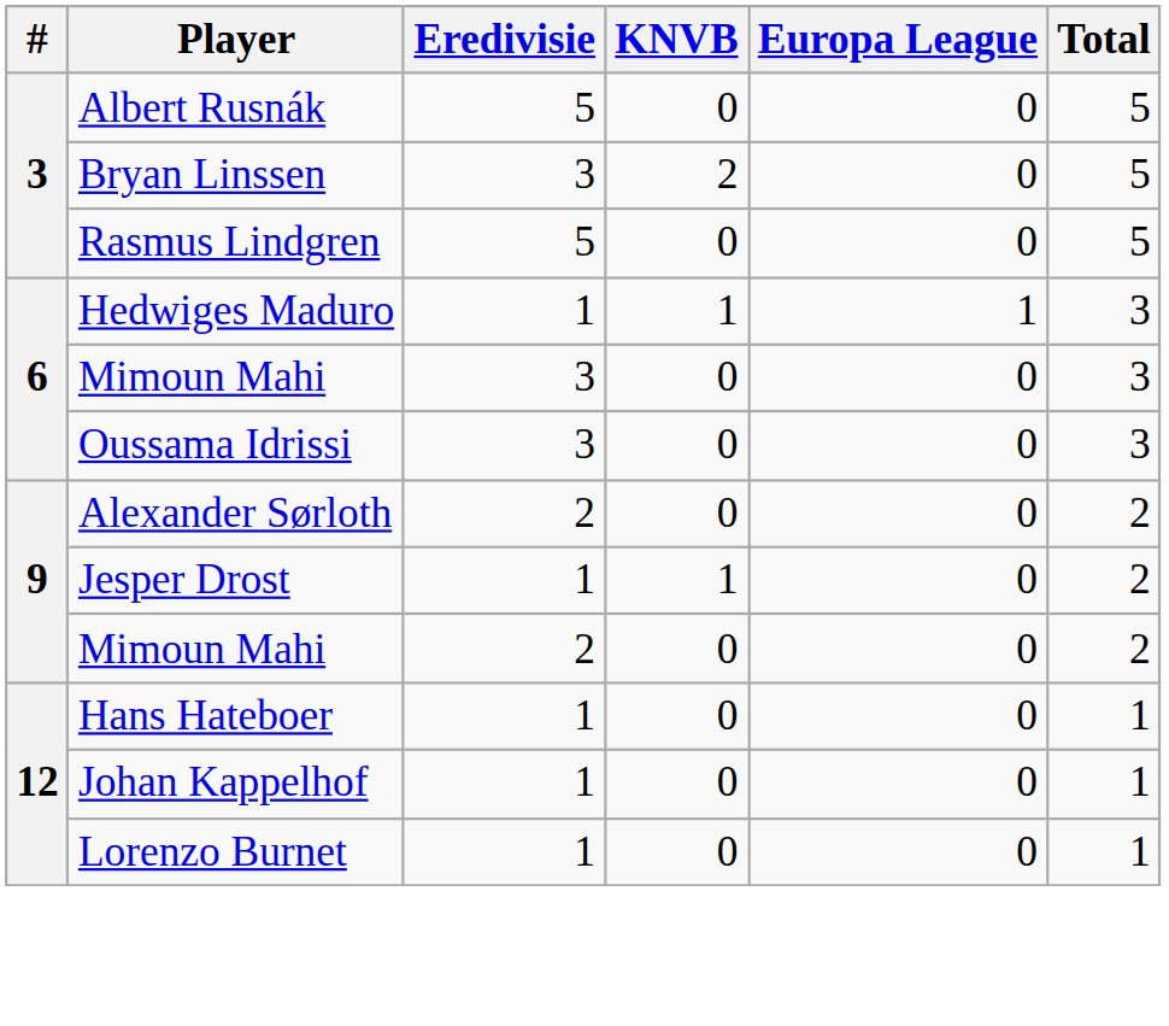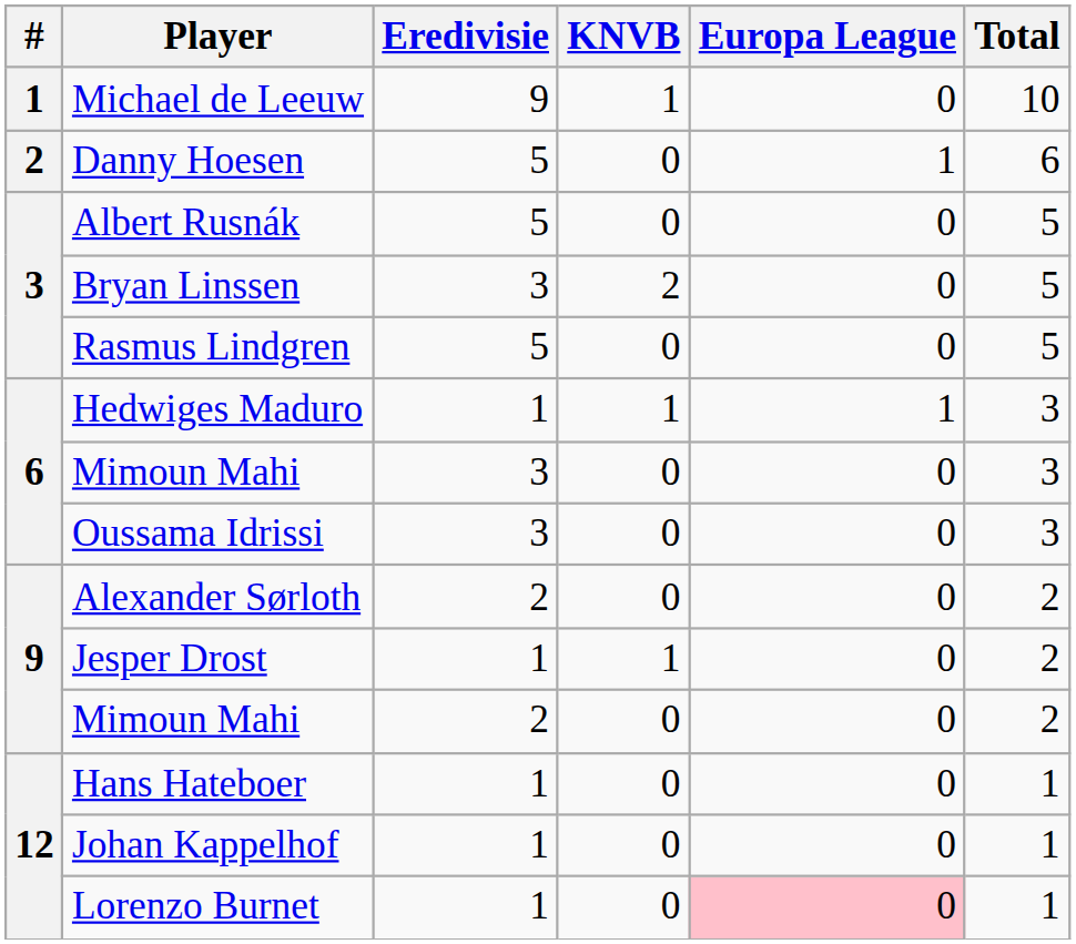 <table class="wikitable" style="text-align:right;">
 <tr>
 <th>#</th>
 <th>Player</th>
 <th><a href='#'>Eredivisie</a></th>
 <th><a href='#'>KNVB</a></th>
 <th><a href='#'>Europa League</a></th>
 <th>Total</th>
+</tr>
+<tr>
+<th align=center>1</th>
+<td align=left> <a href='#'>Michael de Leeuw</a></td>
+<td>9</td>
+<td>1</td>
+<td>0</td>
+<td>10</td>
+</tr>
+<tr>
+<th align=center>2</th>
+<td align=left> <a href='#'>Danny Hoesen</a></td>
+<td>5</td>
+<td>0</td>
+<td>1</td>
+<td>6</td>
 </tr>
 <tr>
 <th align=center rowspan=3>3</th>
 <td align=left> <a href='#'>Albert Rusnák</a></td>
 <td>5</td>
 <td>0</td>
 <td>0</td>
 <td>5</td>
 </tr>
 <tr>
 <td align=left> <a href='#'>Bryan Linssen</a></td>
 <td>3</td>
 <td>2</td>
 <td>0</td>
 <td>5</td>
 </tr>
 <tr>
 <td align=left> <a href='#'>Rasmus Lindgren</a></td>
 <td>5</td>
 <td>0</td>
 <td>0</td>
 <td>5</td>
 </tr>
 <tr>
 <th align=center rowspan=3>6</th>
 <td align=left> <a href='#'>Hedwiges Maduro</a></td>
 <td>1</td>
 <td>1</td>
 <td>1</td>
 <td>3</td>
 </tr>
 <tr>
 <td align=left> <a href='#'>Mimoun Mahi</a></td>
 <td>3</td>
 <td>0</td>
 <td>0</td>
 <td>3</td>
 </tr>
 <tr>
 <td align=left> <a href='#'>Oussama Idrissi</a></td>
 <td>3</td>
 <td>0</td>
 <td>0</td>
 <td>3</td>
 </tr>
 <tr>
 <th align=center rowspan=3>9</th>
 <td align=left> <a href='#'>Alexander Sørloth</a></td>
 <td>2</td>
 <td>0</td>
 <td>0</td>
 <td>2</td>
 </tr>
 <tr>
 <td align=left> <a href='#'>Jesper Drost</a></td>
 <td>1</td>
 <td>1</td>
 <td>0</td>
 <td>2</td>
 </tr>
 <tr>
 <td align=left> <a href='#'>Mimoun Mahi</a></td>
 <td>2</td>
 <td>0</td>
 <td>0</td>
 <td>2</td>
 </tr>
 <tr>
 <th align=center rowspan=3>12</th>
 <td align=left> <a href='#'>Hans Hateboer</a></td>
 <td>1</td>
 <td>0</td>
 <td>0</td>
 <td>1</td>
 </tr>
 <tr>
 <td align=left> <a href='#'>Johan Kappelhof</a></td>
 <td>1</td>
 <td>0</td>
 <td>0</td>
 <td>1</td>
 </tr>
 <tr>
 <td align=left> <a href='#'>Lorenzo Burnet</a></td>
 <td>1</td>
 <td>0</td>
-<td>0</td>
+<td style="background: pink;">0</td>
 <td>1</td>
 </tr>
 </table>
